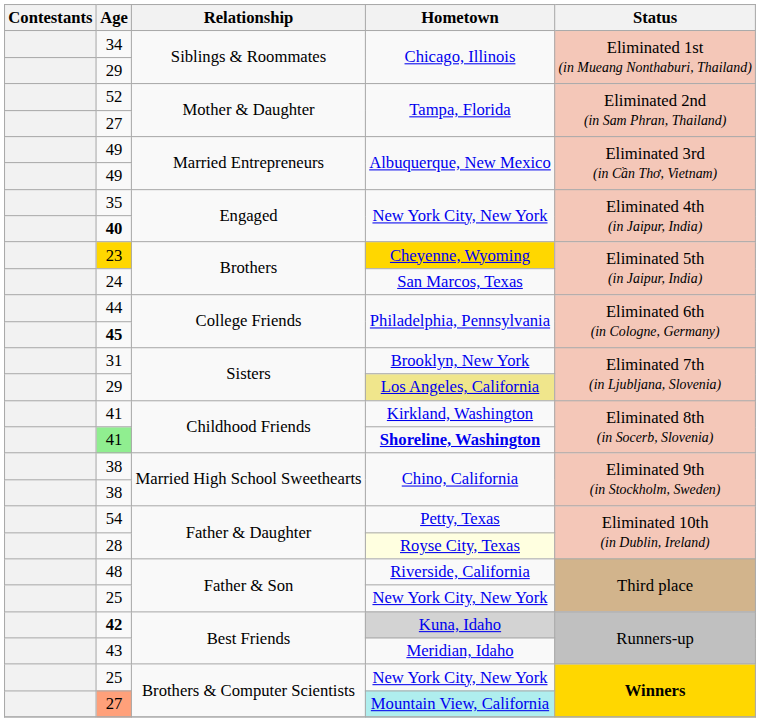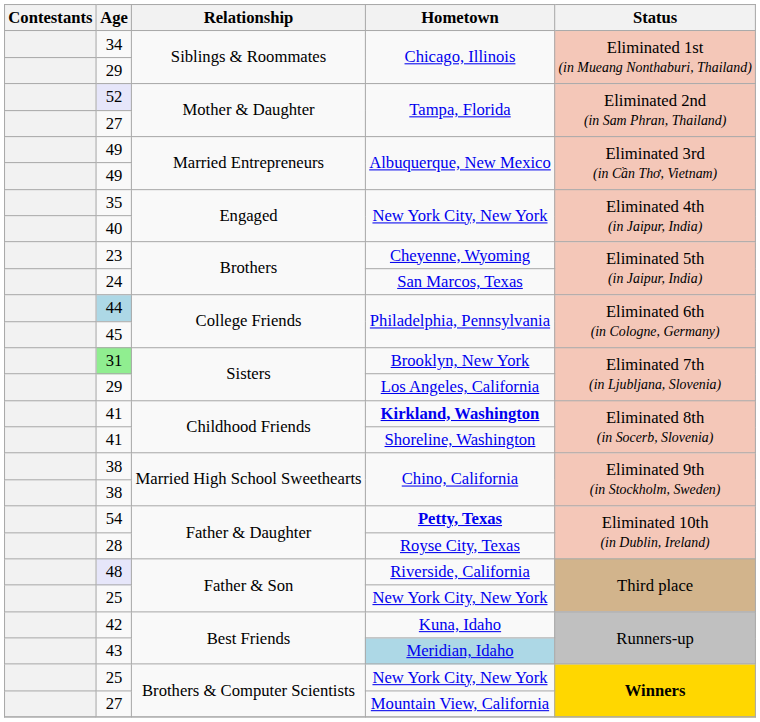 <table class="wikitable sortable" style="text-align:center;">
 <tr>
 <th scope="col">Contestants</th>
 <th scope="col">Age</th>
 <th class="unsortable" scope="col">Relationship</th>
 <th scope="col" class="unsortable">Hometown</th>
 <th scope="col">Status</th>
 </tr>
 <tr>
 <th scope="row"></th>
 <td>34</td>
 <td rowspan="2">Siblings & Roommates</td>
 <td rowspan="2"><a href='#'>Chicago, Illinois</a></td>
 <td rowspan="2" style="background:#f4c7b8">Eliminated 1st<br><small><em>(in Mueang Nonthaburi, Thailand)</em></small></td>
 </tr>
 <tr>
 <th scope="row"></th>
 <td>29</td>
 </tr>
 <tr>
 <th scope="row"></th>
-<td>52</td>
+<td style="background: lavender;">52</td>
 <td rowspan="2">Mother & Daughter</td>
 <td rowspan="2"><a href='#'>Tampa, Florida</a></td>
 <td rowspan="2" style="background:#f4c7b8">Eliminated 2nd<br><small><em>(in Sam Phran, Thailand)</em></small></td>
 </tr>
 <tr>
 <th scope="row"></th>
 <td>27</td>
 </tr>
 <tr>
 <th scope="row"></th>
 <td>49</td>
 <td rowspan="2">Married Entrepreneurs</td>
 <td rowspan="2"><a href='#'>Albuquerque, New Mexico</a></td>
 <td rowspan="2" style="background:#f4c7b8">Eliminated 3rd<br><small><em>(in Cần Thơ, Vietnam)</em></small></td>
 </tr>
 <tr>
 <th scope="row"></th>
 <td>49</td>
 </tr>
 <tr>
 <th scope="row"></th>
 <td>35</td>
 <td rowspan="2">Engaged</td>
 <td rowspan="2"><a href='#'>New York City, New York</a></td>
 <td rowspan="2" style="background:#f4c7b8">Eliminated 4th<br><small><em>(in Jaipur, India)</em></small></td>
 </tr>
 <tr>
 <th scope="row"></th>
-<td><strong>40</strong></td>
+<td>40</td>
 </tr>
 <tr>
 <th scope="row"></th>
-<td style="background: gold;">23</td>
+<td>23</td>
 <td rowspan="2">Brothers</td>
-<td style="background: gold;"><a href='#'>Cheyenne, Wyoming</a></td>
+<td><a href='#'>Cheyenne, Wyoming</a></td>
 <td rowspan="2" style="background:#f4c7b8">Eliminated 5th<br><small><em>(in Jaipur, India)</em></small></td>
 </tr>
 <tr>
 <th scope="row"></th>
 <td>24</td>
 <td><a href='#'>San Marcos, Texas</a></td>
 </tr>
 <tr>
 <th scope="row"></th>
-<td>44</td>
+<td style="background: lightblue;">44</td>
 <td rowspan="2">College Friends</td>
 <td rowspan="2"><a href='#'>Philadelphia, Pennsylvania</a></td>
 <td rowspan="2" style="background:#f4c7b8">Eliminated 6th<br><small><em>(in Cologne, Germany)</em></small></td>
 </tr>
 <tr>
 <th scope="row"></th>
-<td><strong>45</strong></td>
+<td>45</td>
 </tr>
 <tr>
 <th scope="row"></th>
-<td>31</td>
+<td style="background: lightgreen;">31</td>
 <td rowspan="2">Sisters</td>
 <td><a href='#'>Brooklyn, New York</a></td>
 <td rowspan="2" style="background:#f4c7b8">Eliminated 7th<br><small><em>(in Ljubljana, Slovenia)</em></small></td>
 </tr>
 <tr>
 <th scope="row"></th>
 <td>29</td>
-<td style="background: khaki;"><a href='#'>Los Angeles, California</a></td>
+<td><a href='#'>Los Angeles, California</a></td>
 </tr>
 <tr>
 <th scope="row"></th>
 <td>41</td>
 <td rowspan="2">Childhood Friends</td>
-<td><a href='#'>Kirkland, Washington</a></td>
+<td><strong><a href='#'>Kirkland, Washington</a></strong></td>
 <td rowspan="2" style="background:#f4c7b8">Eliminated 8th<br><small><em>(in Socerb, Slovenia)</em></small></td>
 </tr>
 <tr>
 <th scope="row"></th>
-<td style="background: lightgreen;">41</td>
-<td><strong><a href='#'>Shoreline, Washington</a></strong></td>
+<td>41</td>
+<td><a href='#'>Shoreline, Washington</a></td>
 </tr>
 <tr>
 <th scope="row"></th>
 <td>38</td>
 <td rowspan="2">Married High School Sweethearts</td>
 <td rowspan="2"><a href='#'>Chino, California</a></td>
 <td rowspan="2" style="background:#f4c7b8">Eliminated 9th<br><small><em>(in Stockholm, Sweden)</em></small></td>
 </tr>
 <tr>
 <th scope="row"></th>
 <td>38</td>
 </tr>
 <tr>
 <th scope="row"></th>
 <td>54</td>
 <td rowspan="2">Father & Daughter</td>
-<td><a href='#'>Petty, Texas</a></td>
+<td><strong><a href='#'>Petty, Texas</a></strong></td>
 <td rowspan="2" style="background:#f4c7b8">Eliminated 10th<br><small><em>(in Dublin, Ireland)</em></small></td>
 </tr>
 <tr>
 <th scope="row"></th>
 <td>28</td>
-<td style="background: lightyellow;"><a href='#'>Royse City, Texas</a></td>
+<td><a href='#'>Royse City, Texas</a></td>
 </tr>
 <tr>
 <th scope="row"></th>
-<td>48</td>
+<td style="background: lavender;">48</td>
 <td rowspan="2">Father & Son</td>
 <td><a href='#'>Riverside, California</a></td>
 <td rowspan="2" bgcolor="tan">Third place</td>
 </tr>
 <tr>
 <th scope="row"></th>
 <td>25</td>
 <td><a href='#'>New York City, New York</a></td>
 </tr>
 <tr>
 <th scope="row"></th>
-<td><strong>42</strong></td>
+<td>42</td>
 <td rowspan="2">Best Friends</td>
-<td style="background: lightgrey;"><a href='#'>Kuna, Idaho</a></td>
+<td><a href='#'>Kuna, Idaho</a></td>
 <td rowspan="2" bgcolor="silver">Runners-up</td>
 </tr>
 <tr>
 <th scope="row"></th>
 <td>43</td>
-<td><a href='#'>Meridian, Idaho</a></td>
+<td style="background: lightblue;"><a href='#'>Meridian, Idaho</a></td>
 </tr>
 <tr>
 <th scope="row"></th>
 <td>25</td>
 <td rowspan="2">Brothers & Computer Scientists</td>
 <td><a href='#'>New York City, New York</a></td>
 <td rowspan="2" bgcolor="gold"><strong>Winners</strong></td>
 </tr>
 <tr>
 <th scope="row"></th>
-<td style="background: lightsalmon;">27</td>
-<td style="background: paleturquoise;"><a href='#'>Mountain View, California</a></td>
+<td>27</td>
+<td><a href='#'>Mountain View, California</a></td>
 </tr>
 <tr>
 </tr>
 </table>
